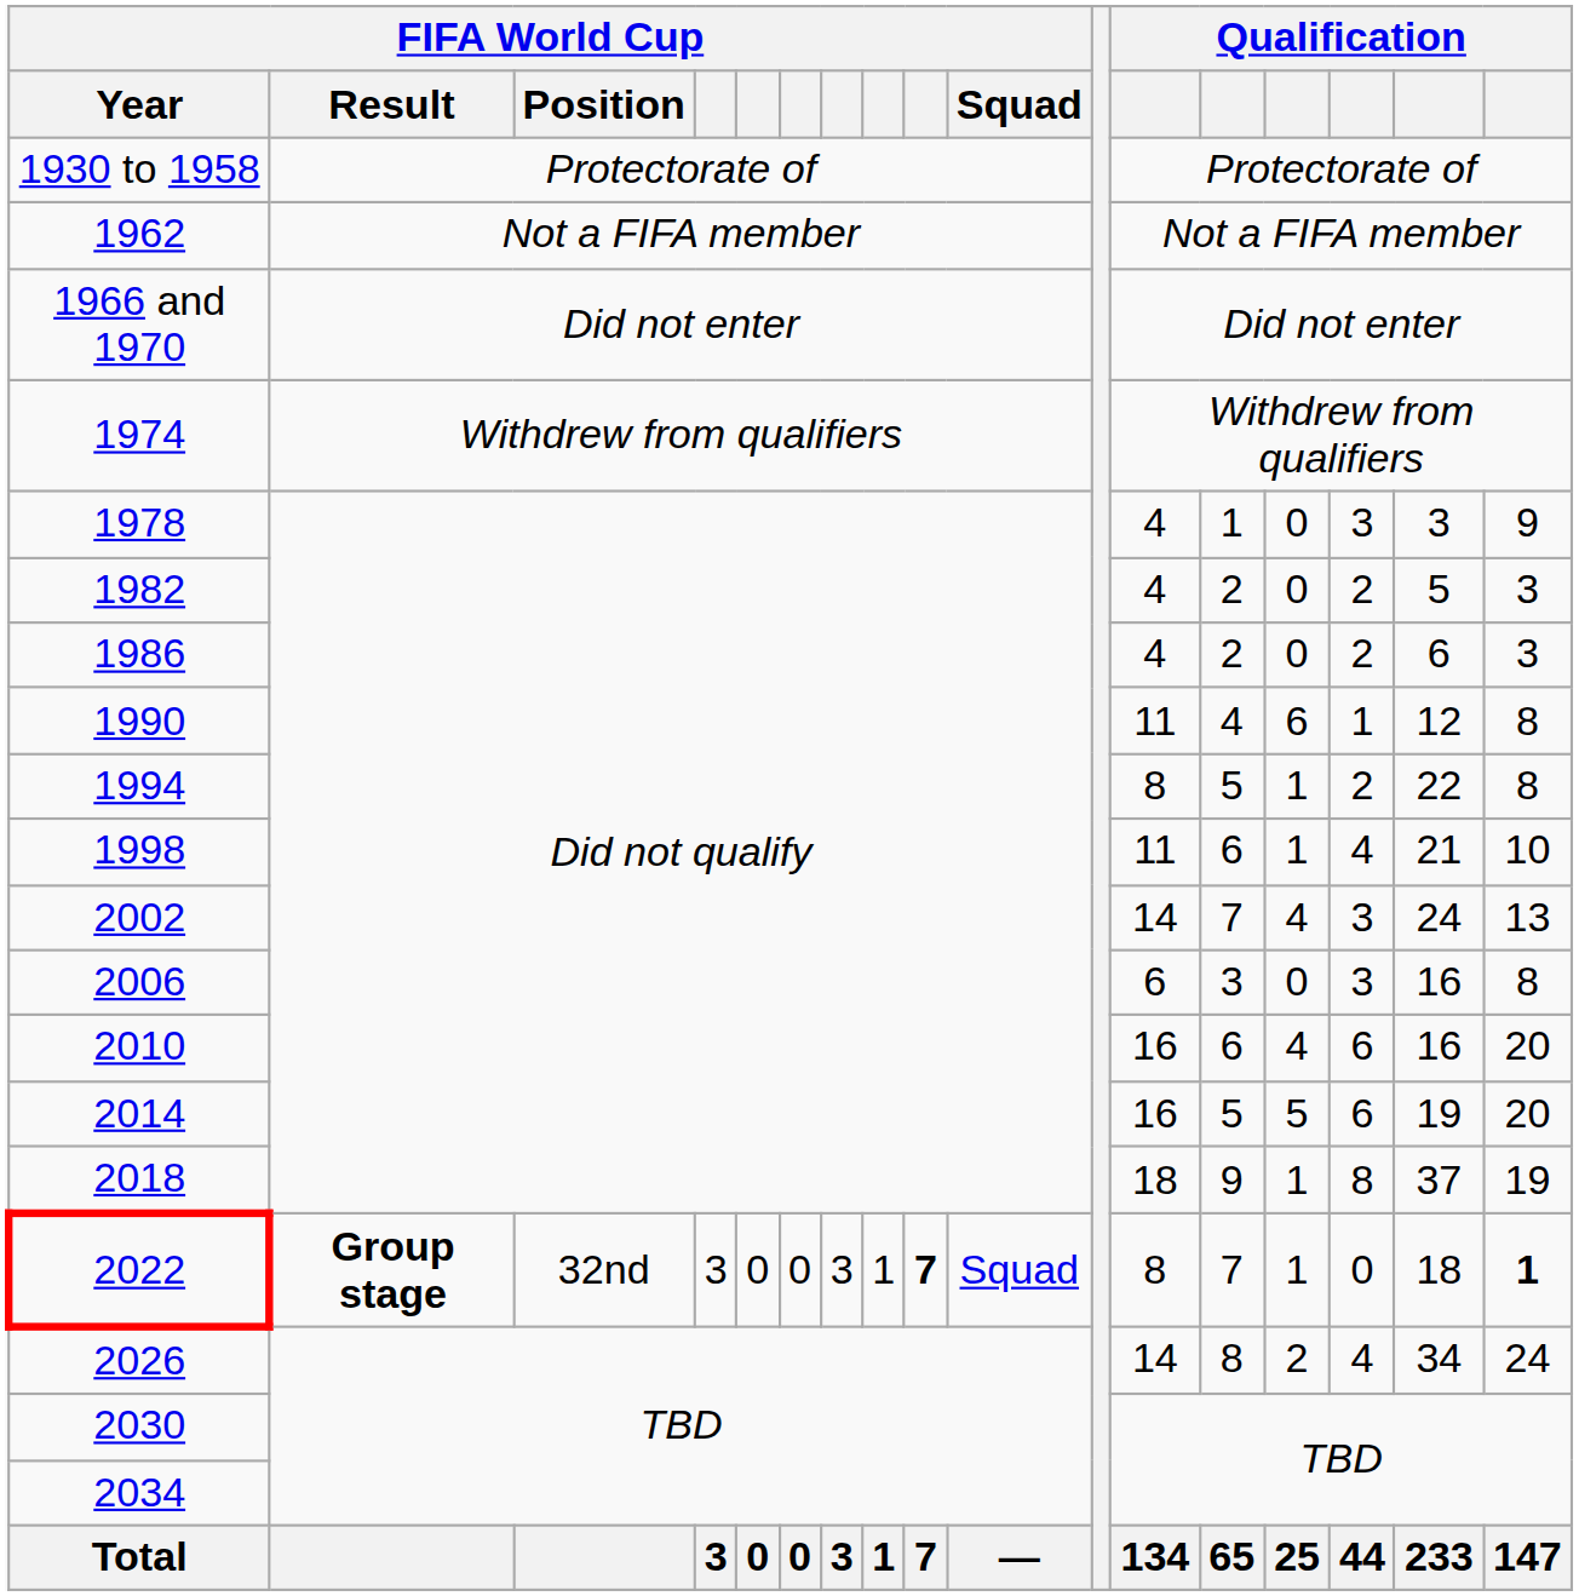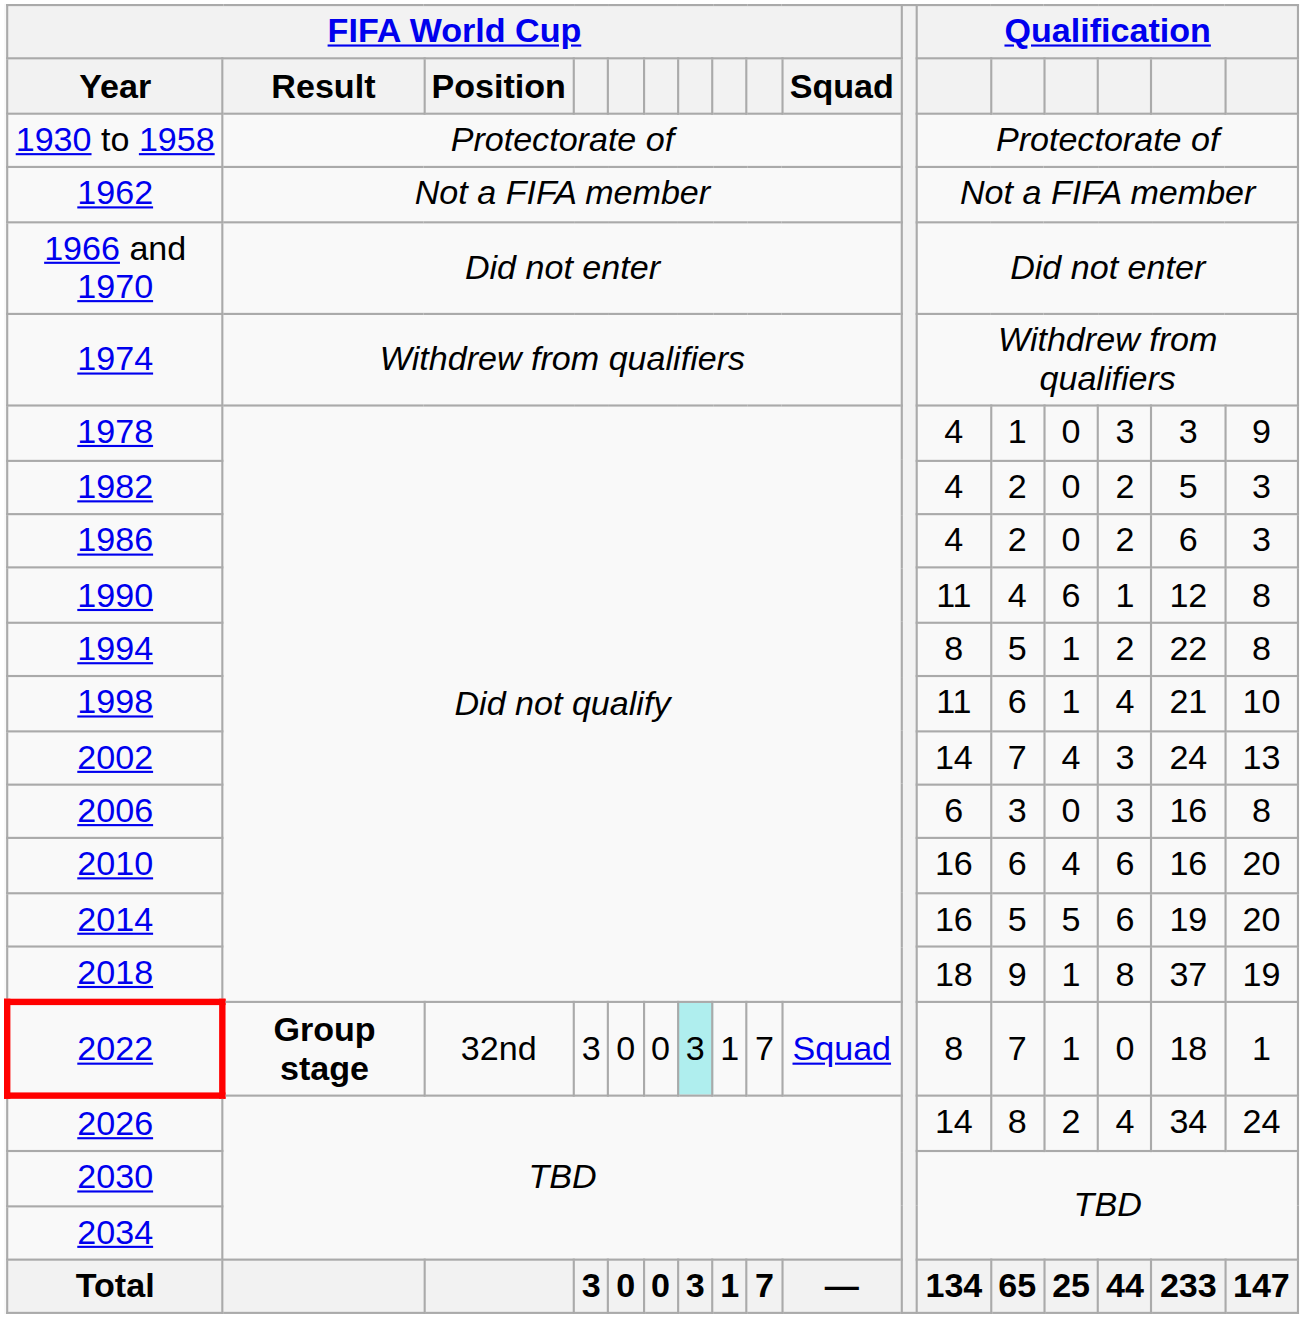 <table class="wikitable" class="wikitable" style="text-align:center">
 <tr>
 <th colspan=10><a href='#'>FIFA World Cup</a></th>
 <th rowspan=28></th>
 <th colspan=7><a href='#'>Qualification</a></th>
 </tr>
 <tr>
 <th>Year</th>
 <th>Result</th>
 <th>Position</th>
 <th></th>
 <th></th>
 <th></th>
 <th></th>
 <th></th>
 <th></th>
 <th>Squad</th>
 <th></th>
 <th></th>
 <th></th>
 <th></th>
 <th></th>
 <th></th>
 </tr>
 <tr>
 <td><a href='#'>1930</a> to <a href='#'>1958</a></td>
 <td colspan=9><em>Protectorate of </em></td>
 <td colspan=9><em>Protectorate  of </em></td>
 </tr>
 <tr>
 <td> <a href='#'>1962</a></td>
 <td colspan=9><em>Not a FIFA member</em></td>
 <td colspan=9><em>Not a FIFA member</em></td>
 </tr>
 <tr>
 <td><a href='#'>1966</a> and <a href='#'>1970</a></td>
 <td colspan=9><em>Did not enter</em></td>
 <td colspan=9><em>Did not enter</em></td>
 </tr>
 <tr>
 <td> <a href='#'>1974</a></td>
 <td colspan=9><em>Withdrew from qualifiers</em></td>
 <td colspan=6><em>Withdrew from qualifiers</em></td>
 </tr>
 <tr>
 <td> <a href='#'>1978</a></td>
 <td colspan=9 rowspan=11><em>Did not qualify</em></td>
 <td>4</td>
 <td>1</td>
 <td>0</td>
 <td>3</td>
 <td>3</td>
 <td>9</td>
 </tr>
 <tr>
 <td> <a href='#'>1982</a></td>
 <td>4</td>
 <td>2</td>
 <td>0</td>
 <td>2</td>
 <td>5</td>
 <td>3</td>
 </tr>
 <tr>
 <td> <a href='#'>1986</a></td>
 <td>4</td>
 <td>2</td>
 <td>0</td>
 <td>2</td>
 <td>6</td>
 <td>3</td>
 </tr>
 <tr>
 <td> <a href='#'>1990</a></td>
 <td>11</td>
 <td>4</td>
 <td>6</td>
 <td>1</td>
 <td>12</td>
 <td>8</td>
 </tr>
 <tr>
 <td> <a href='#'>1994</a></td>
 <td>8</td>
 <td>5</td>
 <td>1</td>
 <td>2</td>
 <td>22</td>
 <td>8</td>
 </tr>
 <tr>
 <td> <a href='#'>1998</a></td>
 <td>11</td>
 <td>6</td>
 <td>1</td>
 <td>4</td>
 <td>21</td>
 <td>10</td>
 </tr>
 <tr>
 <td>  <a href='#'>2002</a></td>
 <td>14</td>
 <td>7</td>
 <td>4</td>
 <td>3</td>
 <td>24</td>
 <td>13</td>
 </tr>
 <tr>
 <td> <a href='#'>2006</a></td>
 <td>6</td>
 <td>3</td>
 <td>0</td>
 <td>3</td>
 <td>16</td>
 <td>8</td>
 </tr>
 <tr>
 <td> <a href='#'>2010</a></td>
 <td>16</td>
 <td>6</td>
 <td>4</td>
 <td>6</td>
 <td>16</td>
 <td>20</td>
 </tr>
 <tr>
 <td> <a href='#'>2014</a></td>
 <td>16</td>
 <td>5</td>
 <td>5</td>
 <td>6</td>
 <td>19</td>
 <td>20</td>
 </tr>
 <tr>
 <td> <a href='#'>2018</a></td>
 <td>18</td>
 <td>9</td>
 <td>1</td>
 <td>8</td>
 <td>37</td>
 <td>19</td>
 </tr>
 <tr>
 <td style="border: 3px solid red"> <a href='#'>2022</a></td>
 <td><strong>Group stage</strong></td>
 <td>32nd</td>
 <td>3</td>
 <td>0</td>
 <td>0</td>
-<td>3</td>
+<td style="background: paleturquoise;">3</td>
 <td>1</td>
-<td><strong>7</strong></td>
+<td>7</td>
 <td><a href='#'>Squad</a></td>
 <td>8</td>
 <td>7</td>
 <td>1</td>
 <td>0</td>
 <td>18</td>
-<td><strong>1</strong></td>
+<td>1</td>
 </tr>
 <tr>
 <td>   <a href='#'>2026</a></td>
 <td colspan=9 rowspan=3><em>TBD</em></td>
 <td>14</td>
 <td>8</td>
 <td>2</td>
 <td>4</td>
 <td>34</td>
 <td>24</td>
 </tr>
 <tr>
 <td>   <a href='#'>2030</a></td>
 <td colspan=6 rowspan=2><em>TBD</em></td>
 </tr>
 <tr>
 <td> <a href='#'>2034</a></td>
 </tr>
 <tr>
 <th>Total</th>
 <th></th>
 <th></th>
 <th>3</th>
 <th>0</th>
 <th>0</th>
 <th>3</th>
 <th>1</th>
 <th>7</th>
 <th>—</th>
 <th>134</th>
 <th>65</th>
 <th>25</th>
 <th>44</th>
 <th>233</th>
 <th>147</th>
 </tr>
 </table>
